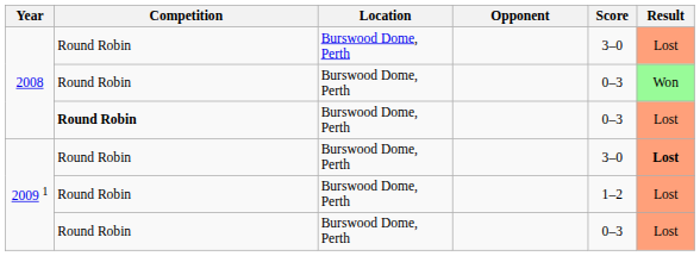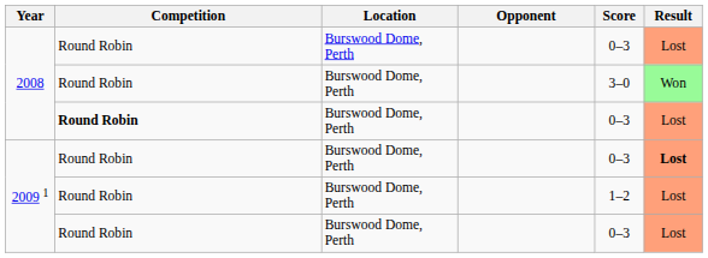 <table class="wikitable">
 <tr>
 <th width="50">Year</th>
 <th width="300">Competition</th>
 <th width="150">Location</th>
 <th width="150">Opponent</th>
 <th width="50">Score</th>
 <th width="60">Result</th>
 </tr>
 <tr>
 <td align="center" rowspan="3"><a href='#'>2008</a></td>
 <td>Round Robin</td>
 <td><a href='#'>Burswood Dome</a>, <a href='#'>Perth</a></td>
 <td></td>
-<td align="center">3–0</td>
+<td align="center">0–3</td>
 <td align="center" bgcolor="#FFA07A">Lost</td>
 </tr>
 <tr>
 <td>Round Robin</td>
 <td>Burswood Dome, Perth</td>
 <td></td>
-<td align="center">0–3</td>
+<td align="center">3–0</td>
 <td align="center" bgcolor="#98FB98">Won</td>
 </tr>
 <tr>
 <td><strong>Round Robin</strong></td>
 <td>Burswood Dome, Perth</td>
 <td></td>
 <td align="center">0–3</td>
 <td align="center" bgcolor="#FFA07A">Lost</td>
 </tr>
 <tr>
 <td align="center" rowspan="3"><a href='#'>2009</a> <sup>1</sup></td>
 <td>Round Robin</td>
 <td>Burswood Dome, Perth</td>
 <td></td>
-<td align="center">3–0</td>
+<td align="center">0–3</td>
 <td align="center" bgcolor="#FFA07A"><strong>Lost</strong></td>
 </tr>
 <tr>
 <td>Round Robin</td>
 <td>Burswood Dome, Perth</td>
 <td></td>
 <td align="center">1–2</td>
 <td align="center" bgcolor="#FFA07A">Lost</td>
 </tr>
 <tr>
 <td>Round Robin</td>
 <td>Burswood Dome, Perth</td>
 <td></td>
 <td align="center">0–3</td>
 <td align="center" bgcolor="#FFA07A">Lost</td>
 </tr>
 </table>
